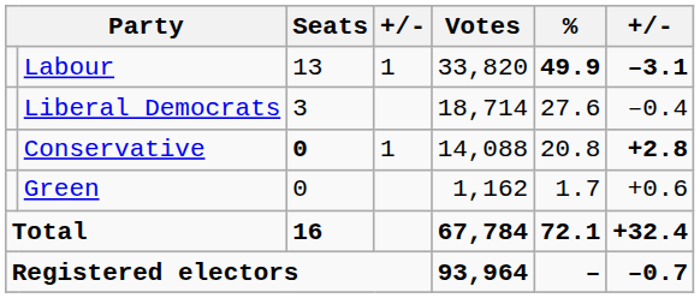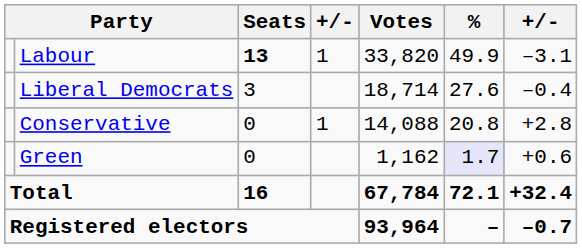 <table class="wikitable sortable">
 <tr>
 <th colspan="2">Party</th>
 <th>Seats</th>
 <th>+/-</th>
 <th>Votes</th>
 <th>%</th>
 <th>+/-</th>
 </tr>
 <tr>
 <td style="background-color: "></td>
 <td><a href='#'>Labour</a></td>
-<td>13</td>
+<td><strong>13</strong></td>
 <td> 1</td>
 <td style="text-align:right;">33,820</td>
-<td style="text-align:right;"><strong>49.9</strong></td>
-<td style="text-align:right;"><strong>–3.1</strong></td>
+<td style="text-align:right;">49.9</td>
+<td style="text-align:right;">–3.1</td>
 </tr>
 <tr>
 <td style="background-color: "></td>
 <td><a href='#'>Liberal Democrats</a></td>
 <td>3</td>
 <td></td>
 <td style="text-align:right;">18,714</td>
 <td style="text-align:right;">27.6</td>
 <td style="text-align:right;">–0.4</td>
 </tr>
 <tr>
 <td style="background-color: "></td>
 <td><a href='#'>Conservative</a></td>
-<td><strong>0</strong></td>
+<td>0</td>
 <td> 1</td>
 <td style="text-align:right;">14,088</td>
 <td style="text-align:right;">20.8</td>
-<td style="text-align:right;"><strong>+2.8</strong></td>
+<td style="text-align:right;">+2.8</td>
 </tr>
 <tr>
 <td style="background-color: "></td>
 <td><a href='#'>Green</a></td>
 <td>0</td>
 <td></td>
 <td style="text-align:right;">1,162</td>
-<td style="text-align:right;">1.7</td>
+<td style="background: lavender; text-align:right;">1.7</td>
 <td style="text-align:right;">+0.6</td>
 </tr>
 <tr>
 <td colspan="2"><strong>Total</strong></td>
 <td><strong>16</strong></td>
 <td></td>
 <td style="text-align:right;"><strong>67,784</strong></td>
 <td style="text-align:right;"><strong>72.1</strong></td>
 <td style="text-align:right;"><strong>+32.4</strong></td>
 </tr>
 <tr>
 <td colspan="4"><strong>Registered electors</strong></td>
 <td style="text-align:right;"><strong>93,964</strong></td>
 <td style="text-align:right;"><strong>–</strong></td>
 <td style="text-align:right;"><strong>–0.7</strong></td>
 </tr>
 </table>
